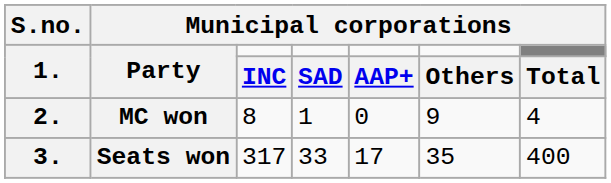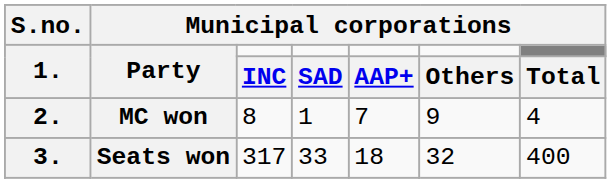 <table class="wikitable sortable">
 <tr>
 <th>S.no.</th>
 <th colspan="6">Municipal corporations</th>
 </tr>
 <tr>
 <th rowspan="2">1.</th>
 <th rowspan="2">Party</th>
 <td style="background:"></td>
 <td style="background:"></td>
 <td style="background:"></td>
 <td style="background:"></td>
 <td style="background:grey"></td>
 </tr>
 <tr>
 <th><a href='#'>INC</a></th>
 <th><a href='#'>SAD</a></th>
 <th><a href='#'>AAP+</a></th>
 <th>Others</th>
 <th>Total</th>
 </tr>
 <tr>
 <th>2.</th>
 <th>MC won</th>
 <td>8</td>
 <td>1</td>
-<td>0</td>
+<td>7</td>
 <td>9</td>
 <td>4</td>
 </tr>
 <tr>
 <th>3.</th>
 <th>Seats won</th>
 <td>317</td>
 <td>33</td>
-<td>17</td>
-<td>35</td>
+<td>18</td>
+<td>32</td>
 <td>400</td>
 </tr>
 </table>
